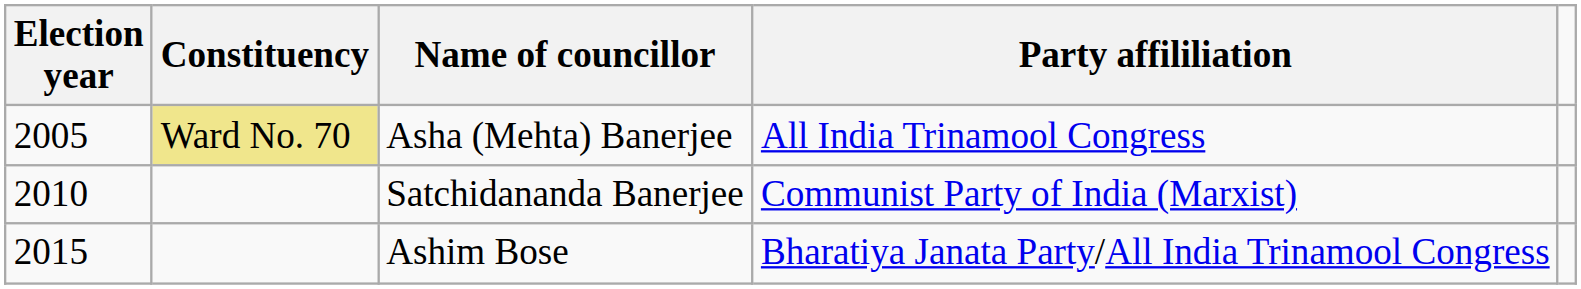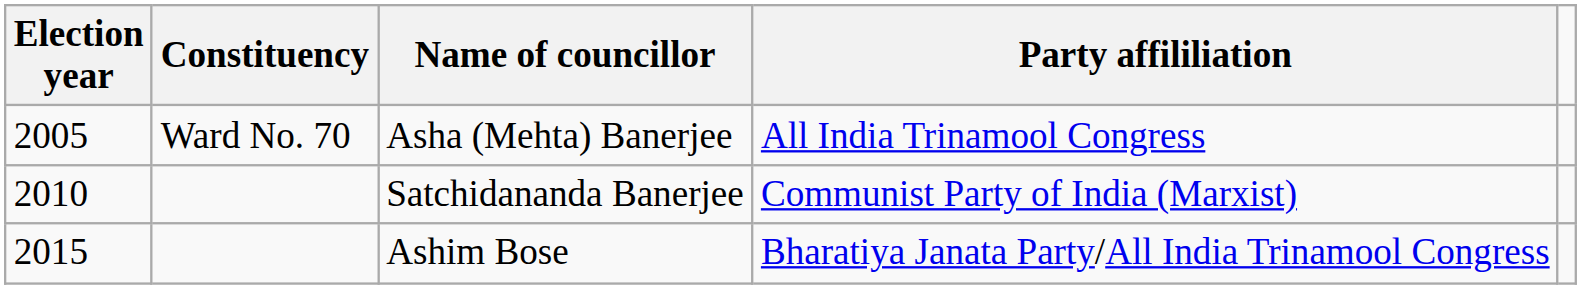 <table class="wikitable"ìÍĦĤĠčw>
 <tr>
 <th>Election<br> year</th>
 <th>Constituency</th>
 <th>Name of councillor</th>
 <th>Party affililiation</th>
 </tr>
 <tr>
 <td>2005</td>
-<td style="background: khaki;">Ward No. 70</td>
+<td>Ward No. 70</td>
 <td>Asha (Mehta) Banerjee</td>
 <td><a href='#'>All India Trinamool Congress</a></td>
 <td></td>
 </tr>
 <tr>
 <td>2010</td>
 <td></td>
 <td>Satchidananda Banerjee</td>
 <td><a href='#'>Communist Party of India (Marxist)</a></td>
 <td></td>
 </tr>
 <tr>
 <td>2015</td>
 <td></td>
 <td>Ashim Bose</td>
 <td><a href='#'>Bharatiya Janata Party</a>/<a href='#'>All India Trinamool Congress</a></td>
 <td></td>
 </tr>
 </table>
